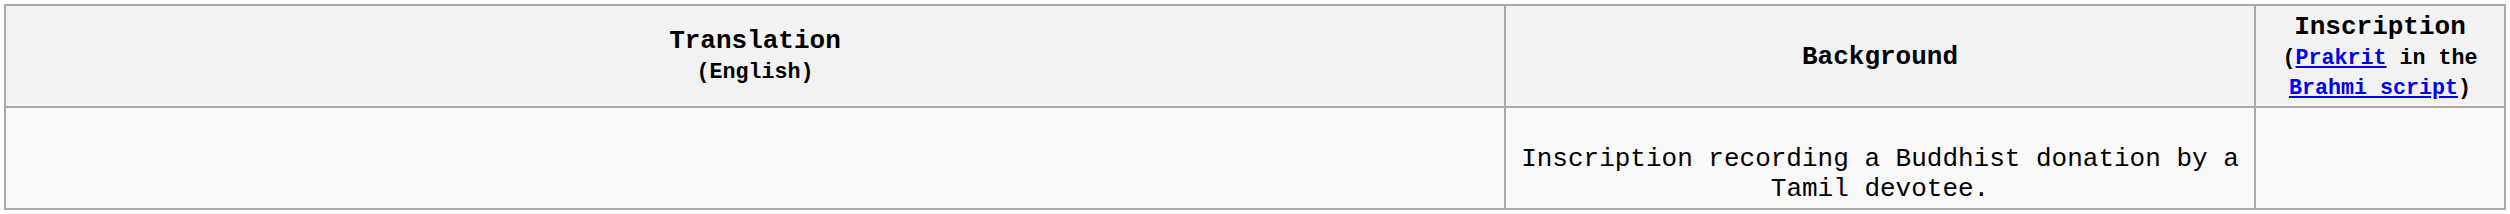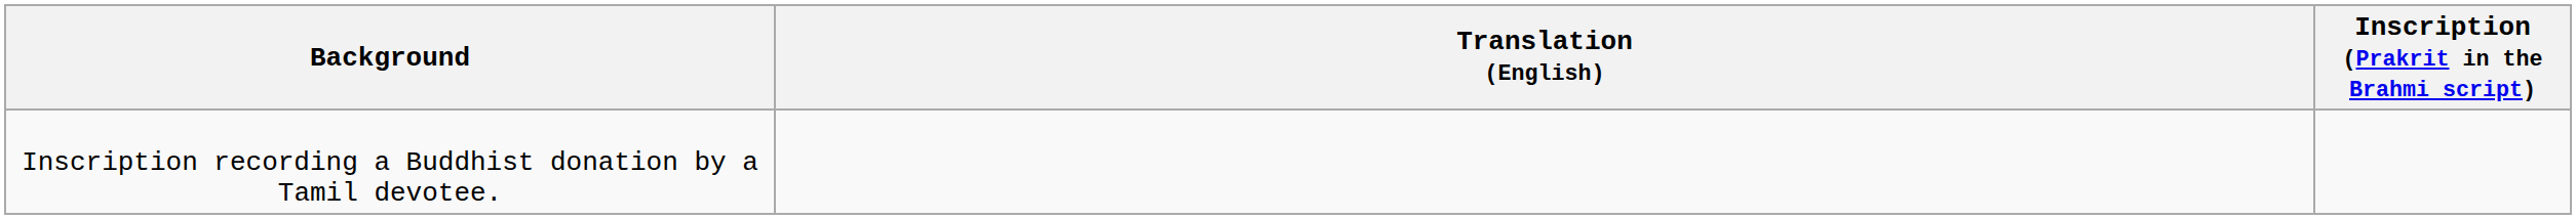 <table class="wikitable centre">
 <tr>
+<th scope="col" align=left>Background<br></th>
 <th>Translation<br><small>(English)</small></th>
-<th scope="col" align=left>Background<br></th>
 <th>Inscription<br><small>(<a href='#'>Prakrit</a> in the <a href='#'>Brahmi script</a>)</small></th>
 </tr>
 <tr>
+<td align=center width="30%"><br>Inscription recording a Buddhist donation by a Tamil devotee.</td>
 <td align=left></td>
-<td align=center width="30%"><br>Inscription recording a Buddhist donation by a Tamil devotee.</td>
 <td align=center width="10%"></td>
 </tr>
 </table>
